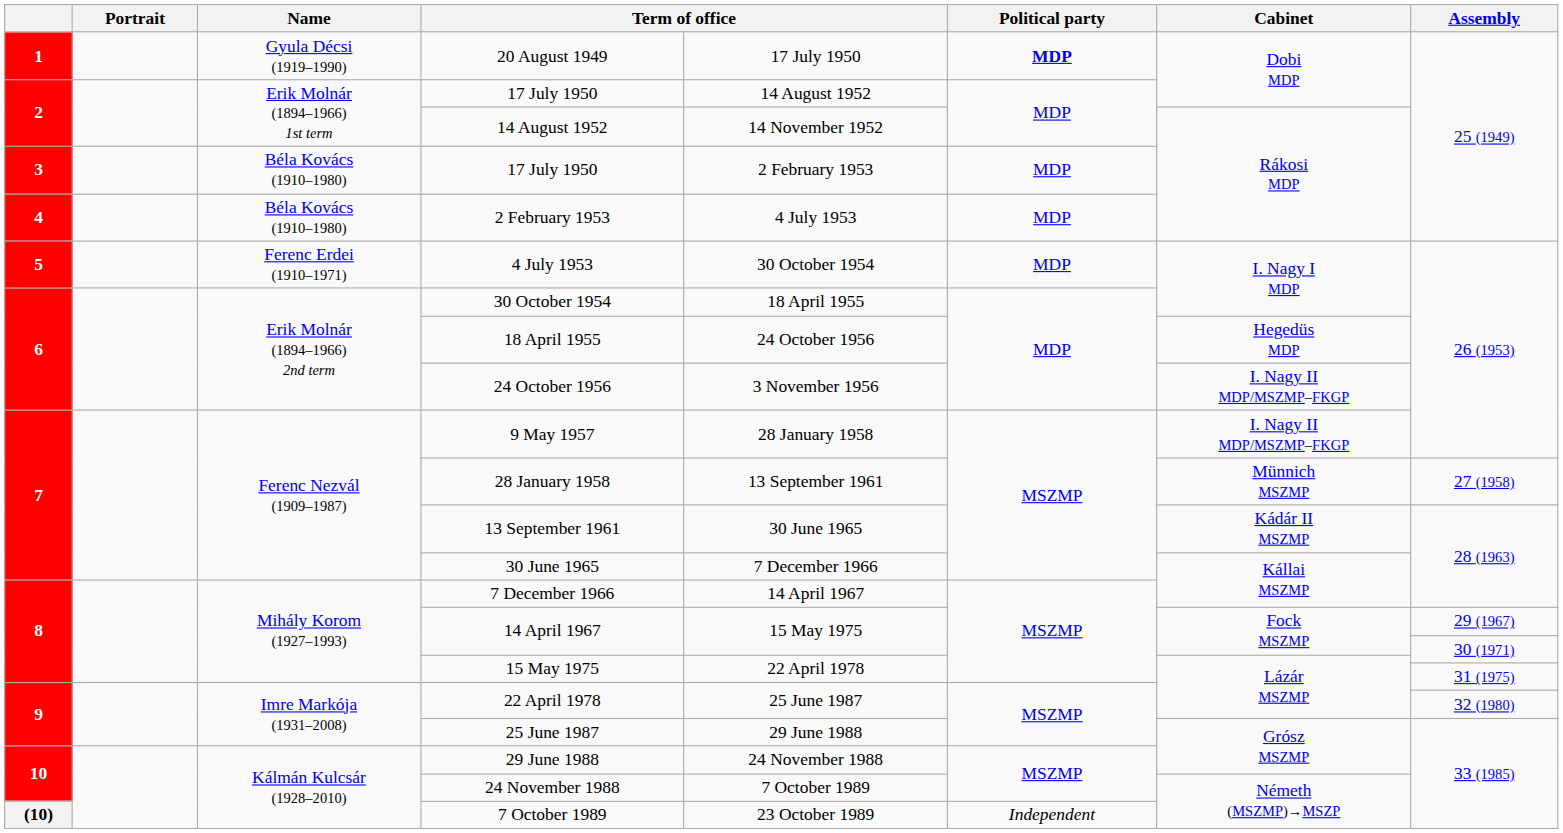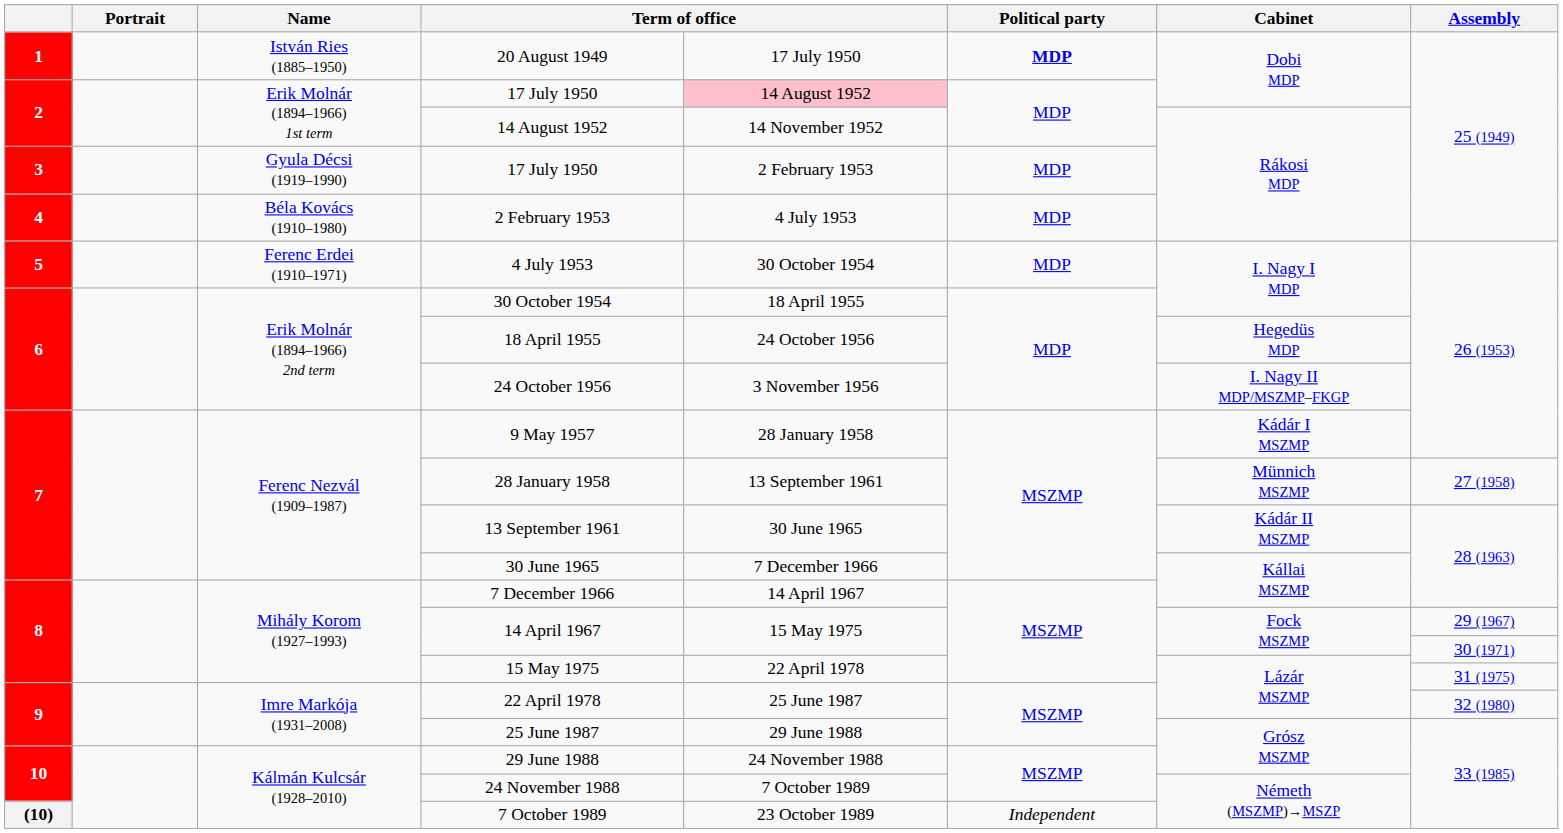 <table class="wikitable" style="width:90%; text-align:center;">
 <tr>
 <th></th>
 <th>Portrait</th>
 <th>Name<br></th>
 <th colspan=2>Term of office</th>
 <th>Political party</th>
 <th>Cabinet</th>
 <th><a href='#'>Assembly</a><br></th>
 </tr>
 <tr>
 <th style="background:Red; color:white">1</th>
 <td></td>
-<td><a href='#'>Gyula Décsi</a><br><small>(1919–1990)</small></td>
+<td><a href='#'>István Ries</a><br><small>(1885–1950)</small></td>
 <td>20 August 1949</td>
 <td>17 July 1950</td>
 <td><strong><a href='#'>MDP</a></strong></td>
 <td rowspan="2"><a href='#'>Dobi</a><br><small><a href='#'>MDP</a></small></td>
 <td rowspan="5"><a href='#'>25 <small>(1949)</small></a></td>
 </tr>
 <tr>
 <th rowspan="2" style="background:Red; color:white">2</th>
 <td rowspan="2"></td>
 <td rowspan="2"><a href='#'>Erik Molnár</a><br><small>(1894–1966)<br><em>1st term</em></small></td>
 <td>17 July 1950</td>
-<td>14 August 1952</td>
+<td style="background: pink;">14 August 1952</td>
 <td rowspan="2"><a href='#'>MDP</a></td>
 </tr>
 <tr>
 <td>14 August 1952</td>
 <td>14 November 1952</td>
 <td rowspan="3"><a href='#'>Rákosi</a><br><small><a href='#'>MDP</a></small></td>
 </tr>
 <tr>
 <th style="background:Red; color:white">3</th>
 <td></td>
-<td><a href='#'>Béla Kovács</a><br><small>(1910–1980)</small></td>
+<td><a href='#'>Gyula Décsi</a><br><small>(1919–1990)</small></td>
 <td>17 July 1950</td>
 <td>2 February 1953</td>
 <td><a href='#'>MDP</a></td>
 </tr>
 <tr>
 <th style="background:Red; color:white">4</th>
 <td></td>
 <td><a href='#'>Béla Kovács</a><br><small>(1910–1980)</small></td>
 <td>2 February 1953</td>
 <td>4 July 1953</td>
 <td><a href='#'>MDP</a></td>
 </tr>
 <tr>
 <th style="background:Red; color:white">5</th>
 <td></td>
 <td><a href='#'>Ferenc Erdei</a><br><small>(1910–1971)</small></td>
 <td>4 July 1953</td>
 <td>30 October 1954</td>
 <td><a href='#'>MDP</a></td>
 <td rowspan="2"><a href='#'>I. Nagy I</a><br><small><a href='#'>MDP</a></small></td>
 <td rowspan="6"><a href='#'>26 <small>(1953)</small></a></td>
 </tr>
 <tr>
 <th rowspan="3" style="background:Red; color:white">6</th>
 <td rowspan="3"></td>
 <td rowspan="3"><a href='#'>Erik Molnár</a><br><small>(1894–1966)<br><em>2nd term</em></small></td>
 <td>30 October 1954</td>
 <td>18 April 1955</td>
 <td rowspan="3"><a href='#'>MDP</a></td>
 </tr>
 <tr>
 <td>18 April 1955</td>
 <td>24 October 1956</td>
 <td><a href='#'>Hegedüs</a><br><small><a href='#'>MDP</a></small></td>
 </tr>
 <tr>
 <td>24 October 1956</td>
 <td>3 November 1956</td>
 <td><a href='#'>I. Nagy II</a><br><small><a href='#'>MDP/MSZMP</a>–<a href='#'>FKGP</a></small></td>
 </tr>
 <tr>
 <th rowspan="6" style="background:Red; color:white">7</th>
 <td rowspan="6"></td>
 <td rowspan="6"><a href='#'>Ferenc Nezvál</a><br><small>(1909–1987)</small></td>
 <td>9 May 1957</td>
 <td>28 January 1958</td>
 <td rowspan="6"><a href='#'>MSZMP</a></td>
-<td><a href='#'>I. Nagy II</a><br><small><a href='#'>MDP/MSZMP</a>–<a href='#'>FKGP</a></small></td>
+<td><a href='#'>Kádár I</a><br><small><a href='#'>MSZMP</a></small></td>
 </tr>
 <tr>
 <td rowspan="2">28 January 1958</td>
 <td rowspan="2">13 September 1961</td>
 <td rowspan="2"><a href='#'>Münnich</a><br><small><a href='#'>MSZMP</a></small></td>
 </tr>
 <tr>
 <td rowspan="2"><a href='#'>27 <small>(1958)</small></a></td>
 </tr>
 <tr>
 <td rowspan="2">13 September 1961</td>
 <td rowspan="2">30 June 1965</td>
 <td rowspan="2"><a href='#'>Kádár II</a><br><small><a href='#'>MSZMP</a></small></td>
 </tr>
 <tr>
 <td rowspan="3"><a href='#'>28 <small>(1963)</small></a></td>
 </tr>
 <tr>
 <td>30 June 1965</td>
 <td>7 December 1966</td>
 <td rowspan="2"><a href='#'>Kállai</a><br><small><a href='#'>MSZMP</a></small></td>
 </tr>
 <tr>
 <th rowspan="5" style="background:Red; color:white">8</th>
 <td rowspan="5"></td>
 <td rowspan="5"><a href='#'>Mihály Korom</a><br><small>(1927–1993)</small></td>
 <td>7 December 1966</td>
 <td>14 April 1967</td>
 <td rowspan="5"><a href='#'>MSZMP</a></td>
 </tr>
 <tr>
 <td rowspan="2">14 April 1967</td>
 <td rowspan="2">15 May 1975</td>
 <td rowspan="2"><a href='#'>Fock</a><br><small><a href='#'>MSZMP</a></small></td>
 <td><a href='#'>29 <small>(1967)</small></a></td>
 </tr>
 <tr>
 <td rowspan="2"><a href='#'>30 <small>(1971)</small></a></td>
 </tr>
 <tr>
 <td rowspan="2">15 May 1975</td>
 <td rowspan="2">22 April 1978</td>
 <td rowspan="5"><a href='#'>Lázár</a><br><small><a href='#'>MSZMP</a></small></td>
 </tr>
 <tr>
 <td rowspan="2"><a href='#'>31 <small>(1975)</small></a></td>
 </tr>
 <tr>
 <th rowspan="4" style="background:Red; color:white">9</th>
 <td rowspan="4"></td>
 <td rowspan="4"><a href='#'>Imre Markója</a><br><small>(1931–2008)</small></td>
 <td rowspan="3">22 April 1978</td>
 <td rowspan="3">25 June 1987</td>
 <td rowspan="4"><a href='#'>MSZMP</a></td>
 </tr>
 <tr>
 <td><a href='#'>32 <small>(1980)</small></a></td>
 </tr>
 <tr>
 <td rowspan="5"><a href='#'>33 <small>(1985)</small></a></td>
 </tr>
 <tr>
 <td>25 June 1987</td>
 <td>29 June 1988</td>
 <td rowspan="2"><a href='#'>Grósz</a><br><small><a href='#'>MSZMP</a></small></td>
 </tr>
 <tr>
 <th rowspan="2" style="background:Red; color:white">10</th>
 <td rowspan="3"></td>
 <td rowspan="3"><a href='#'>Kálmán Kulcsár</a><br><small>(1928–2010)</small></td>
 <td>29 June 1988</td>
 <td>24 November 1988</td>
 <td rowspan="2"><a href='#'>MSZMP</a></td>
 </tr>
 <tr>
 <td>24 November 1988</td>
 <td>7 October 1989</td>
 <td rowspan="2"><a href='#'>Németh</a><br><small>(<a href='#'>MSZMP</a>)→<a href='#'>MSZP</a></small></td>
 </tr>
 <tr>
 <th style="background:">(10)</th>
 <td>7 October 1989</td>
 <td>23 October 1989</td>
 <td><em>Independent</em></td>
 </tr>
 <tr>
 </tr>
 </table>
